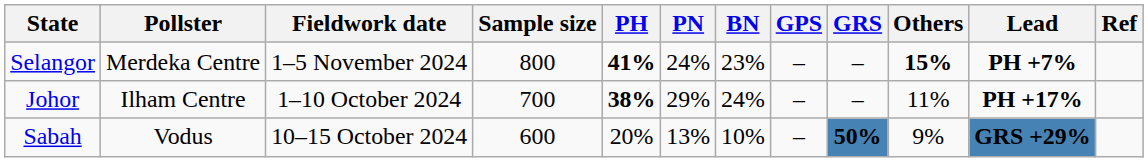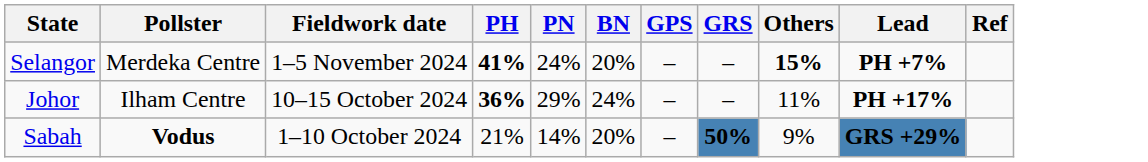 <table class="wikitable" style=text-align:center>
 <tr>
 <th>State</th>
 <th>Pollster</th>
 <th>Fieldwork date</th>
-<th>Sample size</th>
 <th><a href='#'>PH</a></th>
 <th><a href='#'>PN</a></th>
 <th><a href='#'>BN</a></th>
 <th><a href='#'>GPS</a></th>
 <th><a href='#'>GRS</a></th>
 <th>Others</th>
 <th>Lead</th>
 <th>Ref</th>
 </tr>
 <tr>
 <td><a href='#'>Selangor</a></td>
 <td>Merdeka Centre</td>
 <td>1–5 November 2024</td>
-<td>800</td>
 <td><strong>41%</strong></td>
 <td>24%</td>
-<td>23%</td>
+<td>20%</td>
 <td>–</td>
 <td>–</td>
 <td><strong>15%</strong></td>
 <td><strong>PH +7%</strong></td>
 <td></td>
 </tr>
 <tr>
 <td><a href='#'>Johor</a></td>
 <td>Ilham Centre</td>
-<td>1–10 October 2024</td>
-<td>700</td>
-<td><strong>38%</strong></td>
+<td>10–15 October 2024</td>
+<td><strong>36%</strong></td>
 <td>29%</td>
 <td>24%</td>
 <td>–</td>
 <td>–</td>
 <td>11%</td>
 <td><strong>PH +17%</strong></td>
 <td></td>
 </tr>
 <tr>
 <td><a href='#'>Sabah</a></td>
-<td>Vodus</td>
-<td>10–15 October 2024</td>
-<td>600</td>
+<td><strong>Vodus</strong></td>
+<td>1–10 October 2024</td>
+<td>21%</td>
+<td>14%</td>
 <td>20%</td>
-<td>13%</td>
-<td>10%</td>
 <td>–</td>
 <td bgcolor="#4682B4"><strong>50%</strong></td>
 <td>9%</td>
 <td bgcolor="#4682B4"><strong>GRS +29%</strong></td>
 <td></td>
 </tr>
 </table>
